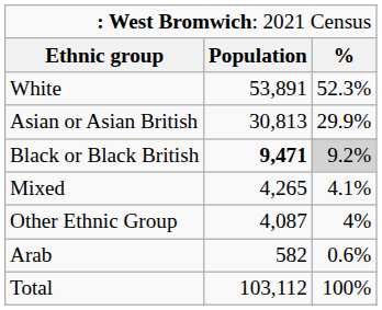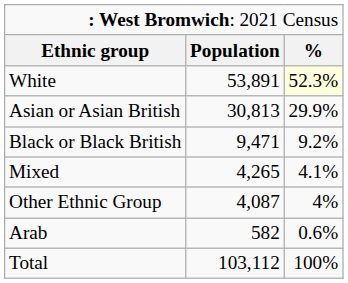 <table class="wikitable">
 <tr>
 <td colspan="14" style="text-align:right;"><strong>: West Bromwich</strong>: 2021 Census</td>
 </tr>
 <tr>
 <th>Ethnic group</th>
 <th>Population</th>
 <th>%</th>
 </tr>
 <tr>
 <td>White</td>
 <td style="text-align:right;">53,891</td>
-<td style="text-align:right;">52.3%</td>
+<td style="background: lightyellow; text-align:right;">52.3%</td>
 </tr>
 <tr>
 <td>Asian or Asian British</td>
 <td style="text-align:right;">30,813</td>
 <td style="text-align:right;">29.9%</td>
 </tr>
 <tr>
 <td>Black or Black British</td>
-<td style="text-align:right;"><strong>9,471</strong></td>
-<td style="background: lightgrey; text-align:right;">9.2%</td>
+<td style="text-align:right;">9,471</td>
+<td style="text-align:right;">9.2%</td>
 </tr>
 <tr>
 <td>Mixed</td>
 <td style="text-align:right;">4,265</td>
 <td style="text-align:right;">4.1%</td>
 </tr>
 <tr>
 <td>Other Ethnic Group</td>
 <td style="text-align:right;">4,087</td>
 <td style="text-align:right;">4%</td>
 </tr>
 <tr>
 <td>Arab</td>
 <td style="text-align:right;">582</td>
 <td style="text-align:right;">0.6%</td>
 </tr>
 <tr>
 <td>Total</td>
 <td style="text-align:right;">103,112</td>
 <td style="text-align:right;">100%</td>
 </tr>
 </table>
